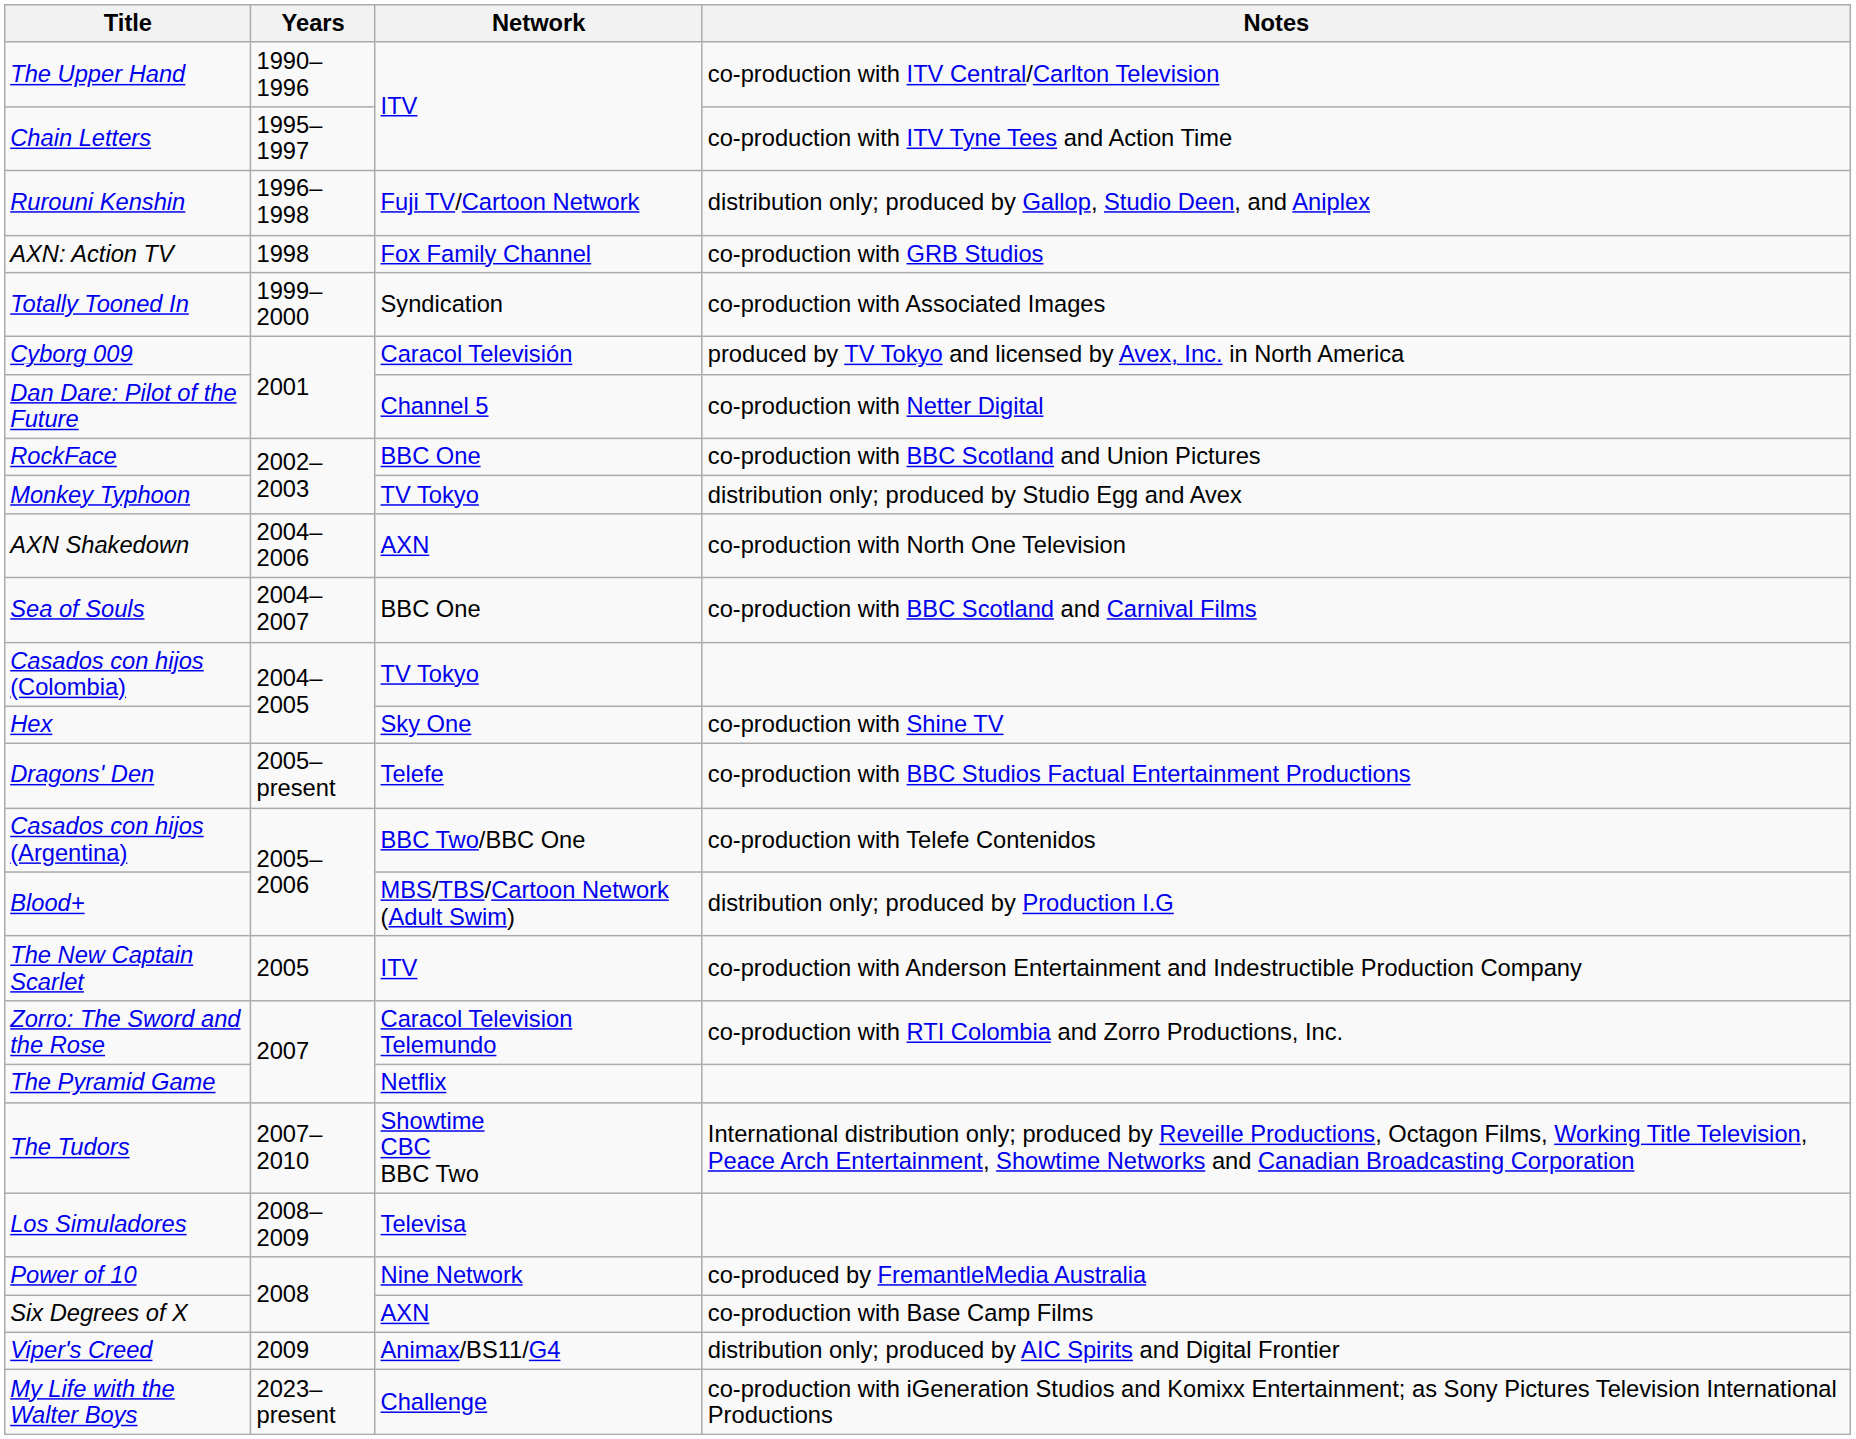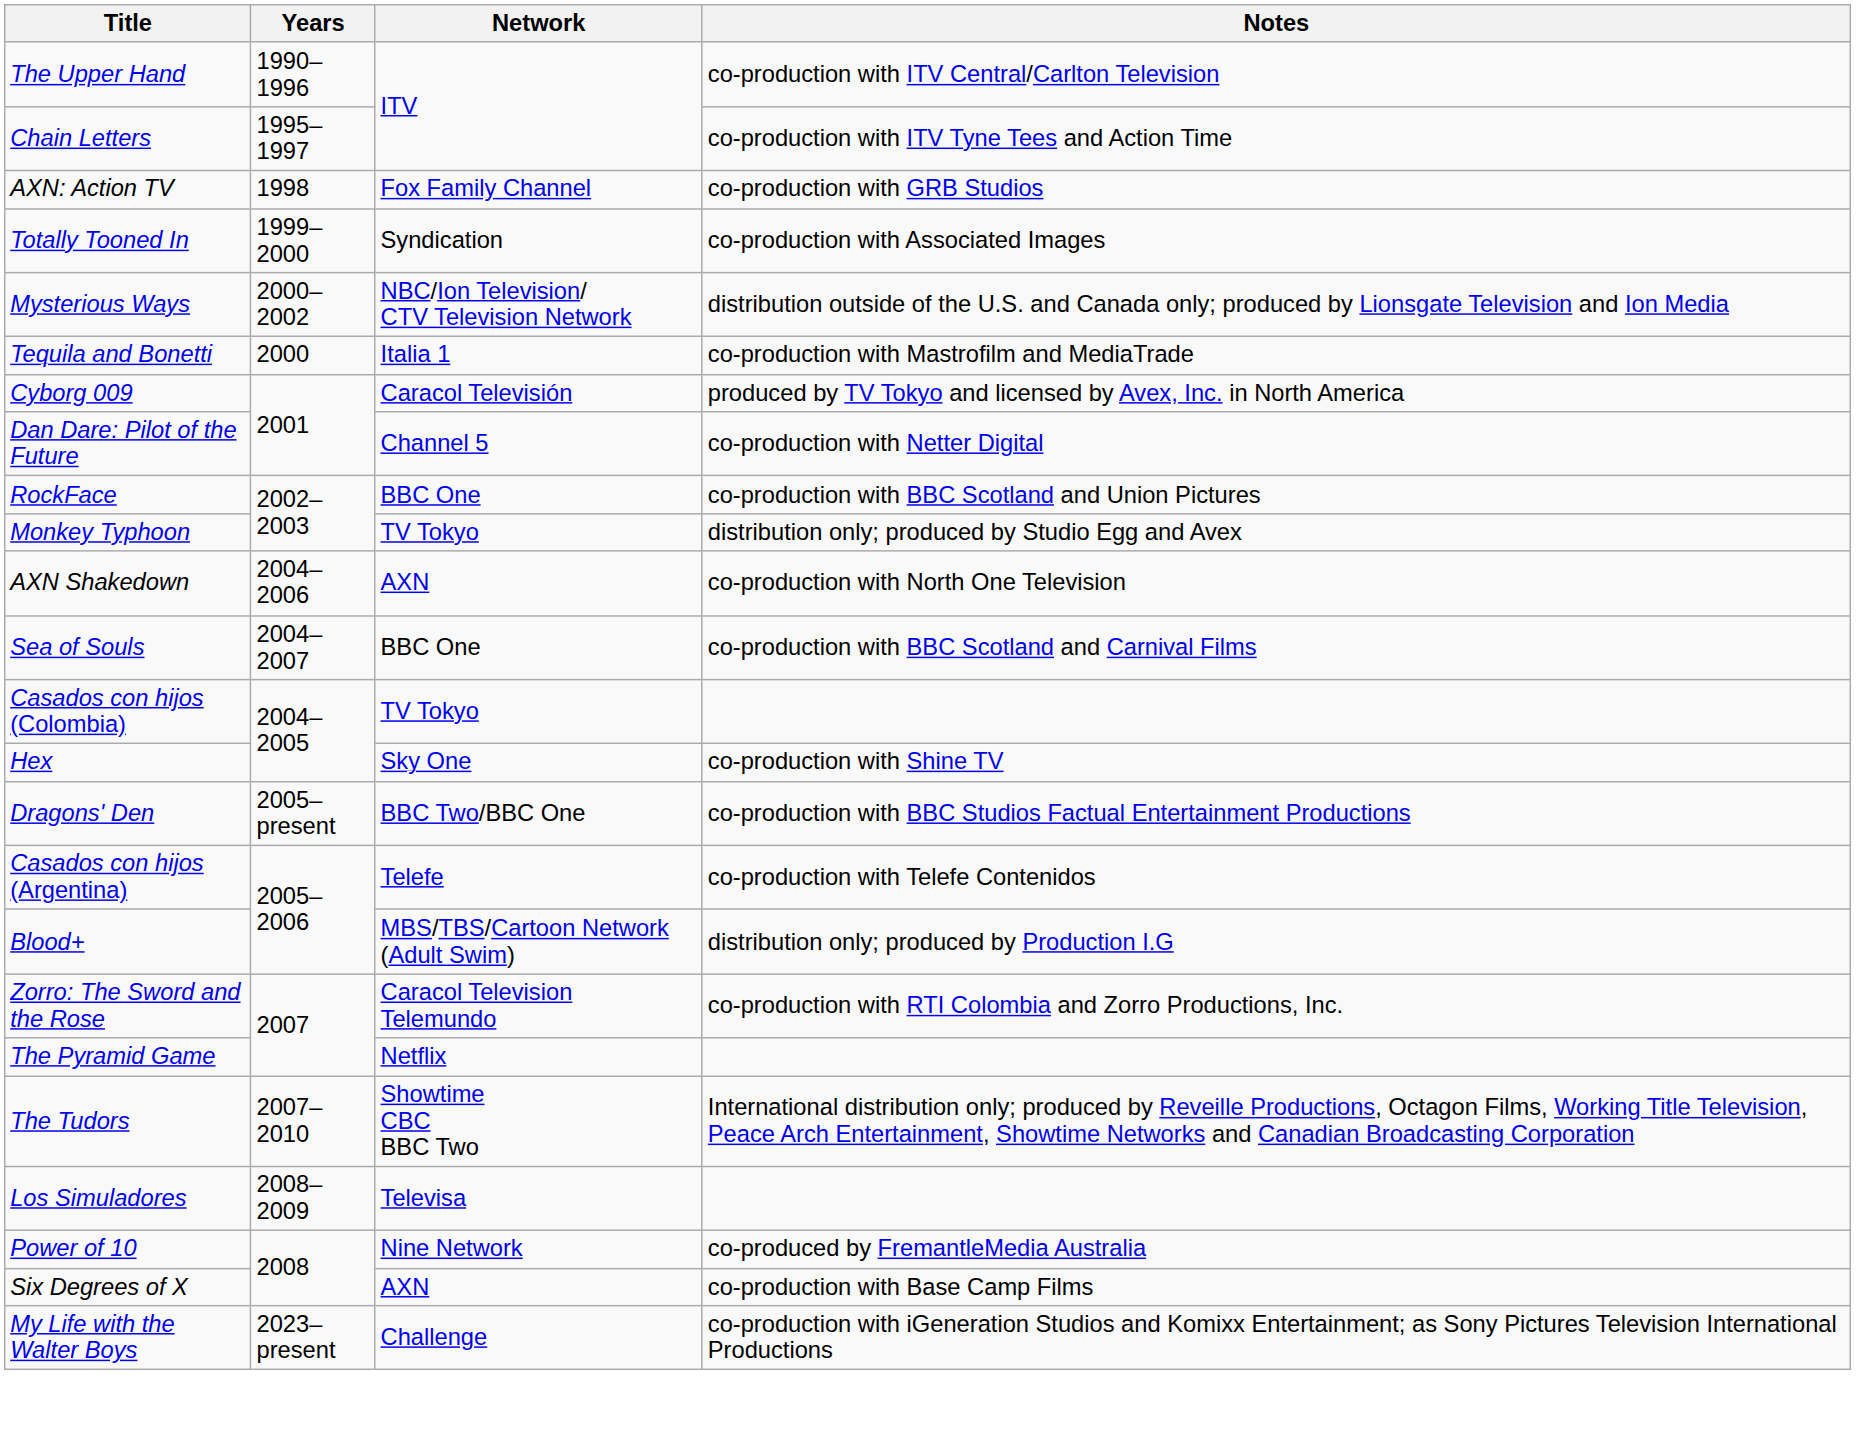 <table class="wikitable sortable">
 <tr>
 <th>Title</th>
 <th>Years</th>
 <th>Network</th>
 <th>Notes</th>
 </tr>
 <tr>
 <td><em><a href='#'>The Upper Hand</a></em></td>
 <td>1990–1996</td>
 <td rowspan="2"><a href='#'>ITV</a></td>
 <td>co-production with <a href='#'>ITV Central</a>/<a href='#'>Carlton Television</a></td>
 </tr>
 <tr>
 <td><em><a href='#'>Chain Letters</a></em></td>
 <td>1995–1997</td>
 <td>co-production with <a href='#'>ITV Tyne Tees</a> and Action Time</td>
 </tr>
 <tr>
-<td><em><a href='#'>Rurouni Kenshin</a></em></td>
-<td>1996–1998</td>
-<td><a href='#'>Fuji TV</a>/<a href='#'>Cartoon Network</a></td>
-<td>distribution only; produced by <a href='#'>Gallop</a>, <a href='#'>Studio Deen</a>, and <a href='#'>Aniplex</a></td>
-</tr>
-<tr>
 <td><em>AXN: Action TV</em></td>
 <td>1998</td>
 <td><a href='#'>Fox Family Channel</a></td>
 <td>co-production with <a href='#'>GRB Studios</a></td>
 </tr>
 <tr>
 <td><em><a href='#'>Totally Tooned In</a></em></td>
 <td>1999–2000</td>
 <td>Syndication</td>
 <td>co-production with Associated Images</td>
+</tr>
+<tr>
+<td><em><a href='#'>Mysterious Ways</a></em></td>
+<td>2000–2002</td>
+<td><a href='#'>NBC</a>/<a href='#'>Ion Television</a>/<br><a href='#'>CTV Television Network</a></td>
+<td>distribution outside of the U.S. and Canada only; produced by <a href='#'>Lionsgate Television</a> and <a href='#'>Ion Media</a></td>
+</tr>
+<tr>
+<td><em><a href='#'>Tequila and Bonetti</a></em></td>
+<td>2000</td>
+<td><a href='#'>Italia 1</a></td>
+<td>co-production with Mastrofilm and MediaTrade</td>
 </tr>
 <tr>
 <td><em><a href='#'>Cyborg 009</a></em></td>
 <td rowspan="2">2001</td>
 <td><a href='#'>Caracol Televisión</a></td>
 <td>produced by <a href='#'>TV Tokyo</a> and licensed by <a href='#'>Avex, Inc.</a> in North America</td>
 </tr>
 <tr>
 <td><em><a href='#'>Dan Dare: Pilot of the Future</a></em></td>
 <td><a href='#'>Channel 5</a></td>
 <td>co-production with <a href='#'>Netter Digital</a></td>
 </tr>
 <tr>
 <td><em><a href='#'>RockFace</a></em></td>
 <td rowspan="2">2002–2003</td>
 <td><a href='#'>BBC One</a></td>
 <td>co-production with <a href='#'>BBC Scotland</a> and Union Pictures</td>
 </tr>
 <tr>
 <td><em><a href='#'>Monkey Typhoon</a></em></td>
 <td><a href='#'>TV Tokyo</a></td>
 <td>distribution only; produced by Studio Egg and Avex</td>
 </tr>
 <tr>
 <td><em>AXN Shakedown</em></td>
 <td>2004–2006</td>
 <td><a href='#'>AXN</a></td>
 <td>co-production with North One Television</td>
 </tr>
 <tr>
 <td><em><a href='#'>Sea of Souls</a></em></td>
 <td>2004–2007</td>
 <td>BBC One</td>
 <td>co-production with <a href='#'>BBC Scotland</a> and <a href='#'>Carnival Films</a></td>
 </tr>
 <tr>
 <td><a href='#'><em>Casados con hijos</em> (Colombia)</a></td>
 <td rowspan="2'">2004–2005</td>
 <td><a href='#'>TV Tokyo</a></td>
 <td></td>
 </tr>
 <tr>
 <td><em><a href='#'>Hex</a></em></td>
 <td><a href='#'>Sky One</a></td>
 <td>co-production with <a href='#'>Shine TV</a></td>
 </tr>
 <tr>
 <td><em><a href='#'>Dragons' Den</a></em></td>
 <td>2005–present</td>
-<td><a href='#'>Telefe</a></td>
+<td><a href='#'>BBC Two</a>/BBC One</td>
 <td>co-production with <a href='#'>BBC Studios Factual Entertainment Productions</a></td>
 </tr>
 <tr>
 <td><a href='#'><em>Casados con hijos</em> (Argentina)</a></td>
 <td rowspan="2">2005–2006</td>
-<td><a href='#'>BBC Two</a>/BBC One</td>
+<td><a href='#'>Telefe</a></td>
 <td>co-production with Telefe Contenidos</td>
 </tr>
 <tr>
 <td><em><a href='#'>Blood+</a></em></td>
 <td><a href='#'>MBS</a>/<a href='#'>TBS</a>/<a href='#'>Cartoon Network</a> (<a href='#'>Adult Swim</a>)</td>
 <td>distribution only; produced by <a href='#'>Production I.G</a></td>
-</tr>
-<tr>
-<td><em><a href='#'>The New Captain Scarlet</a></em></td>
-<td>2005</td>
-<td><a href='#'>ITV</a></td>
-<td>co-production with Anderson Entertainment and Indestructible Production Company</td>
 </tr>
 <tr>
 <td><em><a href='#'>Zorro: The Sword and the Rose</a></em></td>
 <td rowspan="2">2007</td>
 <td><a href='#'>Caracol Television</a><br><a href='#'>Telemundo</a></td>
 <td>co-production with <a href='#'>RTI Colombia</a> and Zorro Productions, Inc.</td>
 </tr>
 <tr>
 <td><em><a href='#'>The Pyramid Game</a></em></td>
 <td><a href='#'>Netflix</a></td>
 <td></td>
 </tr>
 <tr>
 <td><em><a href='#'>The Tudors</a></em></td>
 <td>2007–2010</td>
 <td><a href='#'>Showtime</a><br><a href='#'>CBC</a><br>BBC Two</td>
 <td>International distribution only; produced by <a href='#'>Reveille Productions</a>, Octagon Films, <a href='#'>Working Title Television</a>, <a href='#'>Peace Arch Entertainment</a>, <a href='#'>Showtime Networks</a> and <a href='#'>Canadian Broadcasting Corporation</a></td>
 </tr>
 <tr>
 <td><em><a href='#'>Los Simuladores</a></em></td>
 <td>2008–2009</td>
 <td><a href='#'>Televisa</a></td>
 <td></td>
 </tr>
 <tr>
 <td><em><a href='#'>Power of 10</a></em></td>
 <td rowspan="2">2008</td>
 <td><a href='#'>Nine Network</a></td>
 <td>co-produced by <a href='#'>FremantleMedia Australia</a></td>
 </tr>
 <tr>
 <td><em>Six Degrees of X</em></td>
 <td><a href='#'>AXN</a></td>
 <td>co-production with Base Camp Films</td>
 </tr>
 <tr>
-<td><em><a href='#'>Viper's Creed</a></em></td>
-<td>2009</td>
-<td><a href='#'>Animax</a>/BS11/<a href='#'>G4</a></td>
-<td>distribution only; produced by <a href='#'>AIC Spirits</a> and Digital Frontier</td>
-</tr>
-<tr>
 <td><em><a href='#'>My Life with the Walter Boys</a></em></td>
 <td>2023–present</td>
 <td><a href='#'>Challenge</a></td>
 <td>co-production with iGeneration Studios and Komixx Entertainment; as Sony Pictures Television International Productions</td>
 </tr>
 </table>
